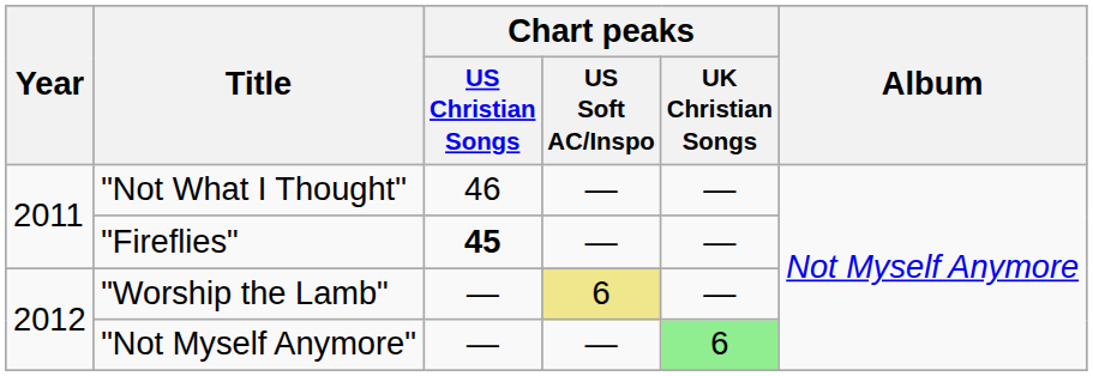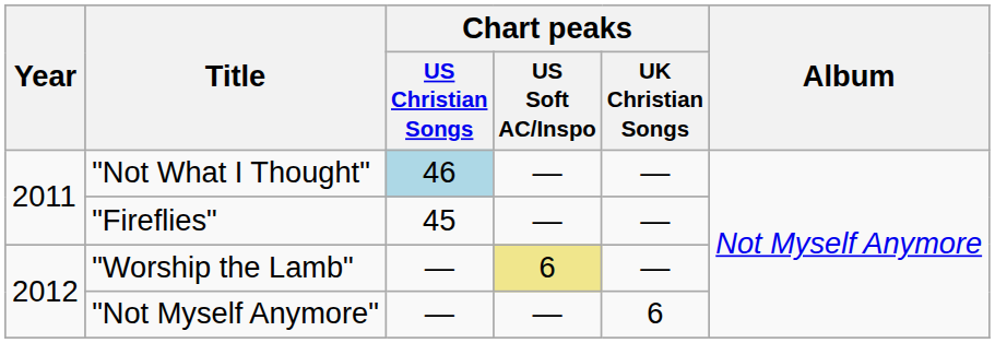 <table class="wikitable">
 <tr>
 <th rowspan="2">Year</th>
 <th rowspan="2">Title</th>
 <th colspan="3">Chart peaks</th>
 <th rowspan="2">Album</th>
 </tr>
 <tr style="font-size:75%;line-height:1.3;vertical-align:top">
 <th style="width:3em"><a href='#'>US<br>Christian Songs</a></th>
 <th style="width:3em">US<br>Soft AC/Inspo</th>
 <th style="width:3em">UK<br>Christian Songs</th>
 </tr>
 <tr>
 <td rowspan="2">2011</td>
 <td>"Not What I Thought"</td>
-<td style="text-align:center;">46</td>
+<td style="background: lightblue; text-align:center;">46</td>
 <td style="text-align:center;">—</td>
 <td style="text-align:center;">—</td>
 <td rowspan="4"><em><a href='#'>Not Myself Anymore</a></em></td>
 </tr>
 <tr>
 <td>"Fireflies"</td>
-<td style="text-align:center;"><strong>45</strong></td>
+<td style="text-align:center;">45</td>
 <td style="text-align:center;">—</td>
 <td style="text-align:center;">—</td>
 </tr>
 <tr>
 <td rowspan="2">2012</td>
 <td>"Worship the Lamb"</td>
 <td style="text-align:center;">—</td>
 <td style="background: khaki; text-align:center;">6</td>
 <td style="text-align:center;">—</td>
 </tr>
 <tr>
 <td>"Not Myself Anymore"</td>
 <td style="text-align:center;">—</td>
 <td style="text-align:center;">—</td>
-<td style="background: lightgreen; text-align:center;">6</td>
+<td style="text-align:center;">6</td>
 </tr>
 </table>
